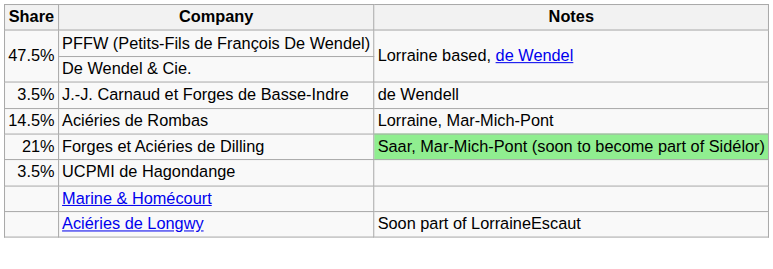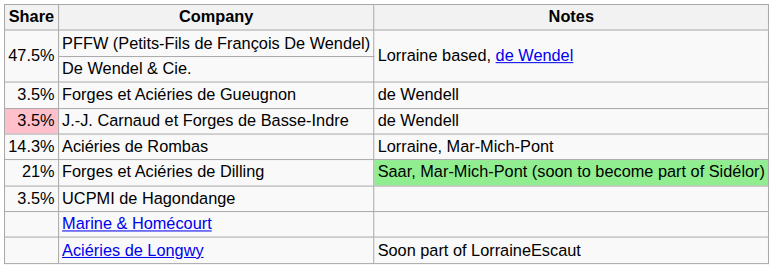 <table class="wikitable sortable">
 <tr>
 <th>Share</th>
 <th>Company</th>
 <th>Notes</th>
 </tr>
 <tr>
 <td rowspan=2 style="text-align:right;">47.5%</td>
 <td>PFFW (Petits-Fils de François De Wendel)</td>
 <td rowspan=2>Lorraine based, <a href='#'>de Wendel</a></td>
 </tr>
 <tr>
 <td>De Wendel & Cie.</td>
 </tr>
 <tr>
 <td style="text-align:right;">3.5%</td>
+<td>Forges et Aciéries de Gueugnon</td>
+<td>de Wendell</td>
+</tr>
+<tr>
+<td style="background: pink; text-align:right;">3.5%</td>
 <td>J.-J. Carnaud et Forges de Basse-Indre</td>
 <td>de Wendell</td>
 </tr>
 <tr>
-<td style="text-align:right;">14.5%</td>
+<td style="text-align:right;">14.3%</td>
 <td>Aciéries de Rombas</td>
 <td>Lorraine, Mar-Mich-Pont</td>
 </tr>
 <tr>
 <td style="text-align:right;">21%</td>
 <td>Forges et Aciéries de Dilling</td>
 <td style="background: lightgreen;">Saar, Mar-Mich-Pont (soon to become part of Sidélor)</td>
 </tr>
 <tr>
 <td style="text-align:right;">3.5%</td>
 <td>UCPMI de Hagondange</td>
 <td></td>
 </tr>
 <tr>
 <td></td>
 <td><a href='#'>Marine & Homécourt</a></td>
 <td></td>
 </tr>
 <tr>
 <td></td>
 <td><a href='#'>Aciéries de Longwy</a></td>
 <td>Soon part of LorraineEscaut</td>
 </tr>
 </table>
